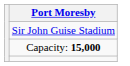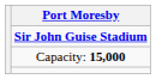 <table class="wikitable" style="text-align:center">
 <tr>
 <th rowspan="8"></th>
 <th><a href='#'>Port Moresby</a></th>
 </tr>
 <tr>
-<td><a href='#'>Sir John Guise Stadium</a></td>
+<td><strong><a href='#'>Sir John Guise Stadium</a></strong></td>
 </tr>
 <tr>
 <td>Capacity: <strong>15,000</strong></td>
 </tr>
 <tr>
 <td></td>
 </tr>
 </table>
